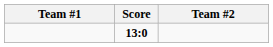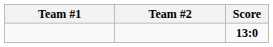 <table class="wikitable" style="text-align:center;">
 <tr>
 <th width=140>Team #1</th>
+<th width=140>Team #2</th>
 <th width=50>Score</th>
-<th width=140>Team #2</th>
 </tr>
 <tr>
 <td style="text-align:right;"></td>
+<td style="text-align:left;"></td>
 <td><strong>13:0</strong></td>
-<td style="text-align:left;"></td>
 </tr>
 </table>
